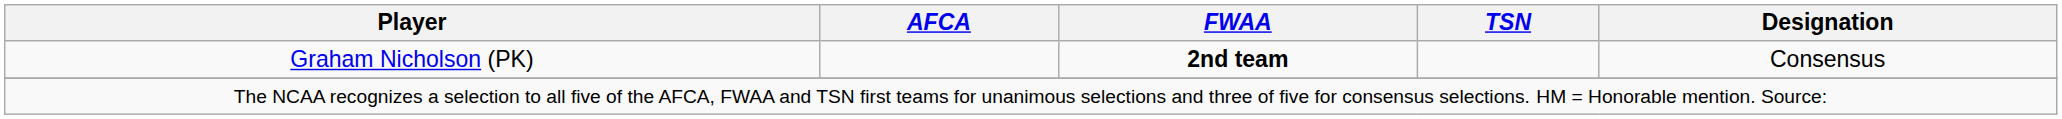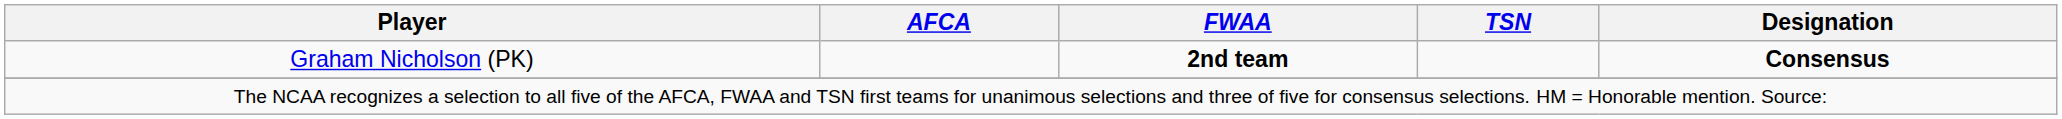 <table class="wikitable" style="width: 90%;text-align: center;">
 <tr>
 <th style=>Player</th>
 <th style=><a href='#'><span><em>AFCA</em></span></a></th>
 <th style=><a href='#'><span><em>FWAA</em></span></a></th>
 <th style=><a href='#'><span><em>TSN</em></span></a></th>
 <th style=>Designation</th>
 </tr>
 <tr align="center">
 <td><a href='#'>Graham Nicholson</a> (PK)</td>
 <td></td>
 <td><strong>2nd team</strong></td>
 <td></td>
-<td>Consensus</td>
+<td><strong>Consensus</strong></td>
 </tr>
 <tr align="center">
 </tr>
 <tr>
 <td colspan=7><small>The NCAA recognizes a selection to all five of the AFCA, FWAA and TSN first teams for unanimous selections and three of five for consensus selections.</small> <small>HM = Honorable mention. Source: </small></td>
 </tr>
 </table>
